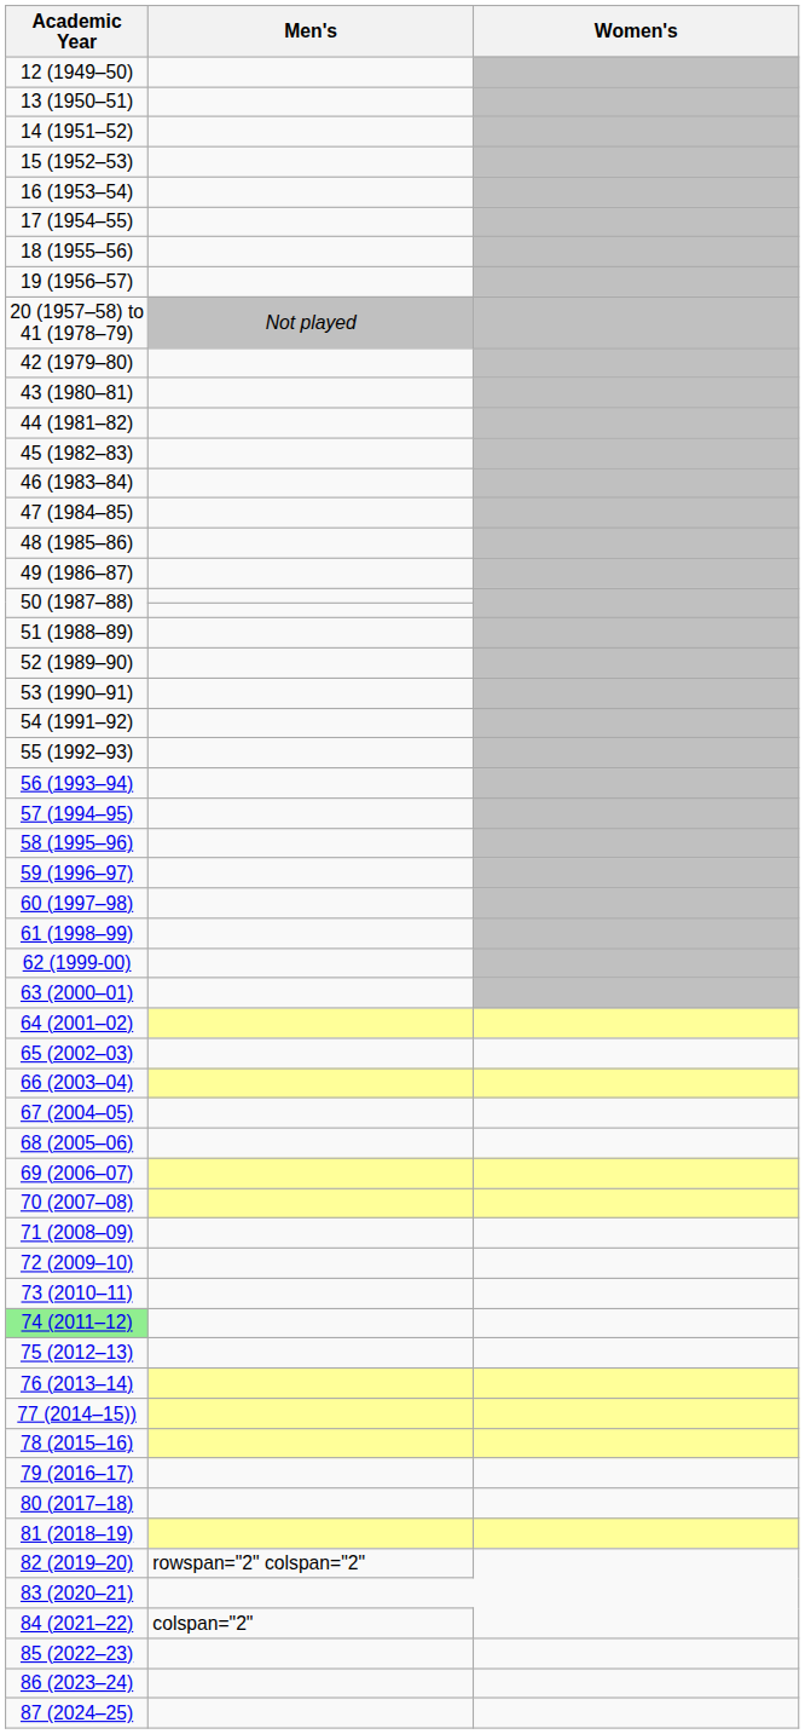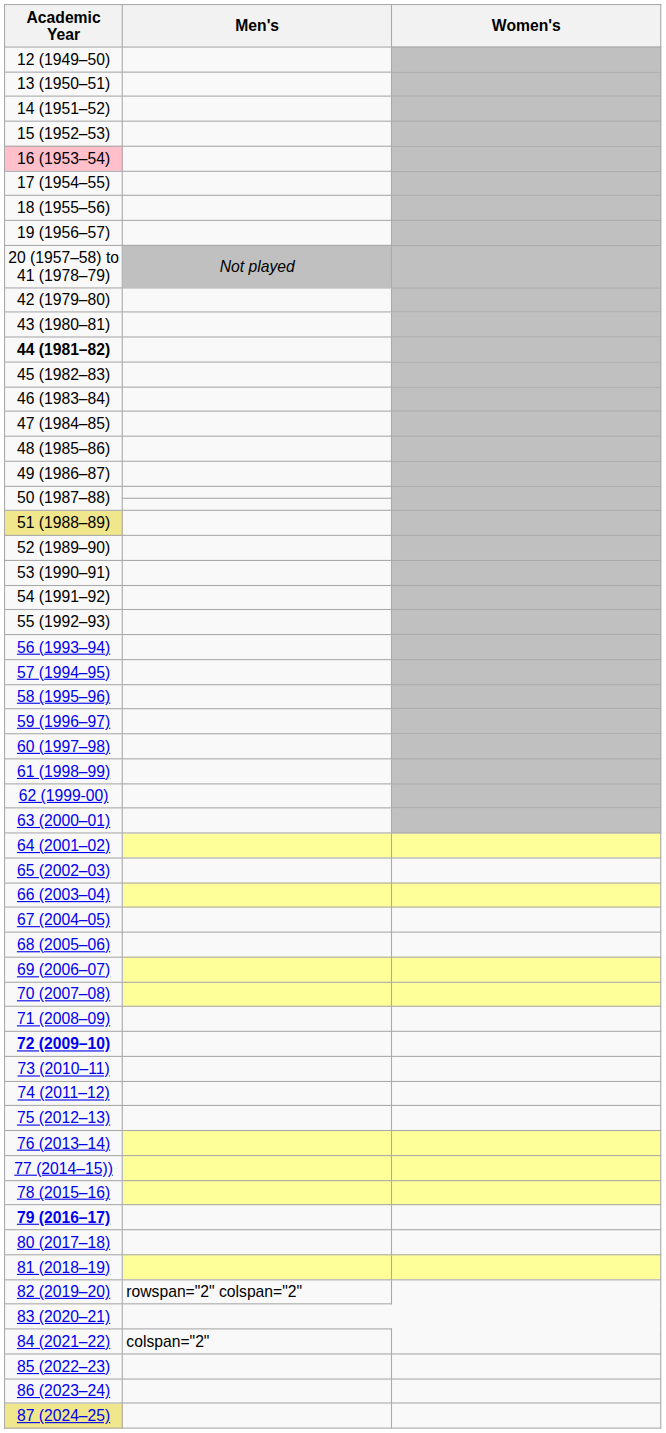 <table class="wikitable" style="font-size:90%;">
 <tr>
 <th width=18%>Academic<br>Year</th>
 <th width=200px>Men's</th>
 <th width=200px>Women's</th>
 </tr>
 <tr>
 <td align=center>12 (1949–50)</td>
 <td></td>
 <td bgcolor=silver></td>
 </tr>
 <tr>
 <td align=center>13 (1950–51)</td>
 <td></td>
 <td bgcolor=silver></td>
 </tr>
 <tr>
 <td align=center>14 (1951–52)</td>
 <td></td>
 <td bgcolor=silver></td>
 </tr>
 <tr>
 <td align=center>15 (1952–53)</td>
 <td></td>
 <td bgcolor=silver></td>
 </tr>
 <tr>
-<td align=center>16 (1953–54)</td>
+<td align=center style="background: pink;">16 (1953–54)</td>
 <td></td>
 <td bgcolor=silver></td>
 </tr>
 <tr>
 <td align=center>17 (1954–55)</td>
 <td></td>
 <td bgcolor=silver></td>
 </tr>
 <tr>
 <td align=center>18 (1955–56)</td>
 <td></td>
 <td bgcolor=silver></td>
 </tr>
 <tr>
 <td align=center>19 (1956–57)</td>
 <td></td>
 <td bgcolor=silver></td>
 </tr>
 <tr>
 <td align=center>20 (1957–58) to<br>41 (1978–79)</td>
 <td align=center bgcolor=silver><em>Not played</em></td>
 <td bgcolor=silver></td>
 </tr>
 <tr>
 <td align=center>42 (1979–80)</td>
 <td></td>
 <td bgcolor=silver></td>
 </tr>
 <tr>
 <td align=center>43 (1980–81)</td>
 <td></td>
 <td bgcolor=silver></td>
 </tr>
 <tr>
-<td align=center>44 (1981–82)</td>
+<td align=center><strong>44 (1981–82)</strong></td>
 <td></td>
 <td bgcolor=silver></td>
 </tr>
 <tr>
 <td align=center>45 (1982–83)</td>
 <td></td>
 <td bgcolor=silver></td>
 </tr>
 <tr>
 <td align=center>46 (1983–84)</td>
 <td></td>
 <td bgcolor=silver></td>
 </tr>
 <tr>
 <td align=center>47 (1984–85)</td>
 <td></td>
 <td bgcolor=silver></td>
 </tr>
 <tr>
 <td align=center>48 (1985–86)</td>
 <td></td>
 <td bgcolor=silver></td>
 </tr>
 <tr>
 <td align=center>49 (1986–87)</td>
 <td></td>
 <td bgcolor=silver></td>
 </tr>
 <tr>
 <td rowspan=2 align=center>50 (1987–88)</td>
 <td></td>
 <td rowspan=2 bgcolor=silver></td>
 </tr>
 <tr>
 <td></td>
 </tr>
 <tr>
-<td align=center>51 (1988–89)</td>
+<td align=center style="background: khaki;">51 (1988–89)</td>
 <td></td>
 <td bgcolor=silver></td>
 </tr>
 <tr>
 <td align=center>52 (1989–90)</td>
 <td></td>
 <td bgcolor=silver></td>
 </tr>
 <tr>
 <td align=center>53 (1990–91)</td>
 <td></td>
 <td bgcolor=silver></td>
 </tr>
 <tr>
 <td align=center>54 (1991–92)</td>
 <td></td>
 <td bgcolor=silver></td>
 </tr>
 <tr>
 <td align=center>55 (1992–93)</td>
 <td></td>
 <td bgcolor=silver></td>
 </tr>
 <tr>
 <td align=center><a href='#'>56 (1993–94)</a></td>
 <td></td>
 <td bgcolor=silver></td>
 </tr>
 <tr>
 <td align=center><a href='#'>57 (1994–95)</a></td>
 <td></td>
 <td bgcolor=silver></td>
 </tr>
 <tr>
 <td align=center><a href='#'>58 (1995–96)</a></td>
 <td></td>
 <td bgcolor=silver></td>
 </tr>
 <tr>
 <td align=center><a href='#'>59 (1996–97)</a></td>
 <td></td>
 <td bgcolor=silver></td>
 </tr>
 <tr>
 <td align=center><a href='#'>60 (1997–98)</a></td>
 <td></td>
 <td bgcolor=silver></td>
 </tr>
 <tr>
 <td align=center><a href='#'>61 (1998–99)</a></td>
 <td></td>
 <td bgcolor=silver></td>
 </tr>
 <tr>
 <td align=center><a href='#'>62 (1999-00)</a></td>
 <td></td>
 <td bgcolor=silver></td>
 </tr>
 <tr>
 <td align=center><a href='#'>63 (2000–01)</a></td>
 <td></td>
 <td bgcolor=silver></td>
 </tr>
 <tr>
 <td align=center><a href='#'>64 (2001–02)</a></td>
 <td bgcolor="#FFFF99"></td>
 <td bgcolor="#FFFF99"></td>
 </tr>
 <tr>
 <td align=center><a href='#'>65 (2002–03)</a></td>
 <td></td>
 <td></td>
 </tr>
 <tr>
 <td align=center><a href='#'>66 (2003–04)</a></td>
 <td bgcolor="#FFFF99"></td>
 <td bgcolor="#FFFF99"></td>
 </tr>
 <tr>
 <td align=center><a href='#'>67 (2004–05)</a></td>
 <td></td>
 <td></td>
 </tr>
 <tr>
 <td align=center><a href='#'>68 (2005–06)</a></td>
 <td></td>
 <td></td>
 </tr>
 <tr>
 <td align=center><a href='#'>69 (2006–07)</a></td>
 <td bgcolor="#FFFF99"></td>
 <td bgcolor="#FFFF99"></td>
 </tr>
 <tr>
 <td align=center><a href='#'>70 (2007–08)</a></td>
 <td bgcolor="#FFFF99"></td>
 <td bgcolor="#FFFF99"></td>
 </tr>
 <tr>
 <td align=center><a href='#'>71 (2008–09)</a></td>
 <td></td>
 <td></td>
 </tr>
 <tr>
-<td align=center><a href='#'>72 (2009–10)</a></td>
+<td align=center><strong><a href='#'>72 (2009–10)</a></strong></td>
 <td></td>
 <td></td>
 </tr>
 <tr>
 <td align=center><a href='#'>73 (2010–11)</a></td>
 <td></td>
 <td></td>
 </tr>
 <tr>
-<td align=center style="background: lightgreen;"><a href='#'>74 (2011–12)</a></td>
+<td align=center><a href='#'>74 (2011–12)</a></td>
 <td></td>
 <td></td>
 </tr>
 <tr>
 <td align=center><a href='#'>75 (2012–13)</a></td>
 <td></td>
 <td></td>
 </tr>
 <tr>
 <td align=center><a href='#'>76 (2013–14)</a></td>
 <td bgcolor="#FFFF99"></td>
 <td bgcolor="#FFFF99"></td>
 </tr>
 <tr>
 <td align=center><a href='#'>77 (2014–15))</a></td>
 <td bgcolor="#FFFF99"></td>
 <td bgcolor="#FFFF99"></td>
 </tr>
 <tr>
 <td align=center><a href='#'>78 (2015–16)</a></td>
 <td bgcolor="#FFFF99"></td>
 <td bgcolor="#FFFF99"></td>
 </tr>
 <tr>
-<td align=center><a href='#'>79 (2016–17)</a></td>
+<td align=center><strong><a href='#'>79 (2016–17)</a></strong></td>
 <td></td>
 <td></td>
 </tr>
 <tr>
 <td align=center><a href='#'>80 (2017–18)</a></td>
 <td></td>
 <td></td>
 </tr>
 <tr>
 <td align=center><a href='#'>81 (2018–19)</a></td>
 <td bgcolor="#FFFF99"></td>
 <td bgcolor="#FFFF99"></td>
 </tr>
 <tr>
 <td align=center><a href='#'>82 (2019–20)</a></td>
 <td>rowspan="2" colspan="2" </td>
 </tr>
 <tr>
 <td align=center><a href='#'>83 (2020–21)</a></td>
 </tr>
 <tr>
 <td align=center><a href='#'>84 (2021–22)</a></td>
 <td>colspan="2"</td>
 </tr>
 <tr>
 <td align=center><a href='#'>85 (2022–23)</a></td>
 <td></td>
 <td></td>
 </tr>
 <tr>
 <td align=center><a href='#'>86 (2023–24)</a></td>
 <td></td>
 <td></td>
 </tr>
 <tr>
-<td align=center><a href='#'>87 (2024–25)</a></td>
+<td align=center style="background: khaki;"><a href='#'>87 (2024–25)</a></td>
 <td></td>
 <td></td>
 </tr>
 </table>
